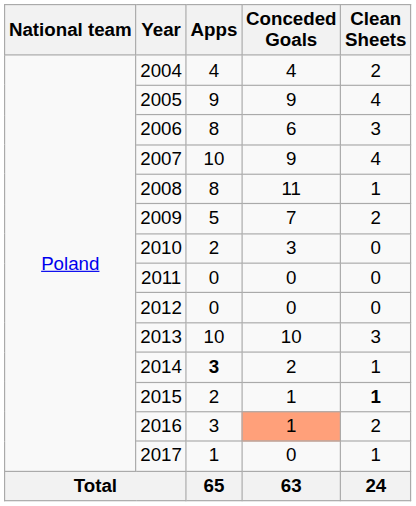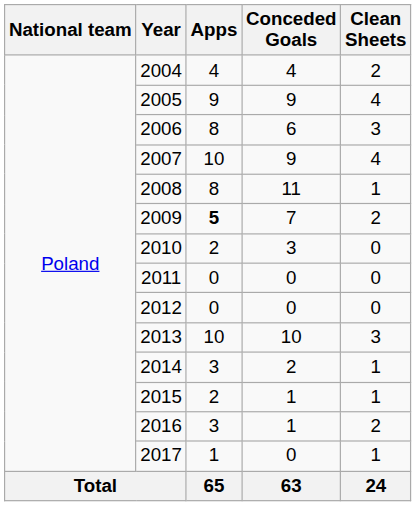 <table class="wikitable" style="text-align:center">
 <tr>
 <th>National team</th>
 <th>Year</th>
 <th>Apps</th>
 <th>Conceded<br>Goals</th>
 <th>Clean<br>Sheets</th>
 </tr>
 <tr>
 <td rowspan="14"><a href='#'>Poland</a></td>
 <td>2004</td>
 <td>4</td>
 <td>4</td>
 <td>2</td>
 </tr>
 <tr>
 <td>2005</td>
 <td>9</td>
 <td>9</td>
 <td>4</td>
 </tr>
 <tr>
 <td>2006</td>
 <td>8</td>
 <td>6</td>
 <td>3</td>
 </tr>
 <tr>
 <td>2007</td>
 <td>10</td>
 <td>9</td>
 <td>4</td>
 </tr>
 <tr>
 <td>2008</td>
 <td>8</td>
 <td>11</td>
 <td>1</td>
 </tr>
 <tr>
 <td>2009</td>
-<td>5</td>
+<td><strong>5</strong></td>
 <td>7</td>
 <td>2</td>
 </tr>
 <tr>
 <td>2010</td>
 <td>2</td>
 <td>3</td>
 <td>0</td>
 </tr>
 <tr>
 <td>2011</td>
 <td>0</td>
 <td>0</td>
 <td>0</td>
 </tr>
 <tr>
 <td>2012</td>
 <td>0</td>
 <td>0</td>
 <td>0</td>
 </tr>
 <tr>
 <td>2013</td>
 <td>10</td>
 <td>10</td>
 <td>3</td>
 </tr>
 <tr>
 <td>2014</td>
-<td><strong>3</strong></td>
+<td>3</td>
 <td>2</td>
 <td>1</td>
 </tr>
 <tr>
 <td>2015</td>
 <td>2</td>
 <td>1</td>
-<td><strong>1</strong></td>
+<td>1</td>
 </tr>
 <tr>
 <td>2016</td>
 <td>3</td>
-<td style="background: lightsalmon;">1</td>
+<td>1</td>
 <td>2</td>
 </tr>
 <tr>
 <td>2017</td>
 <td>1</td>
 <td>0</td>
 <td>1</td>
 </tr>
 <tr>
 <th colspan="2">Total</th>
 <th>65</th>
 <th>63</th>
 <th>24</th>
 </tr>
 </table>
